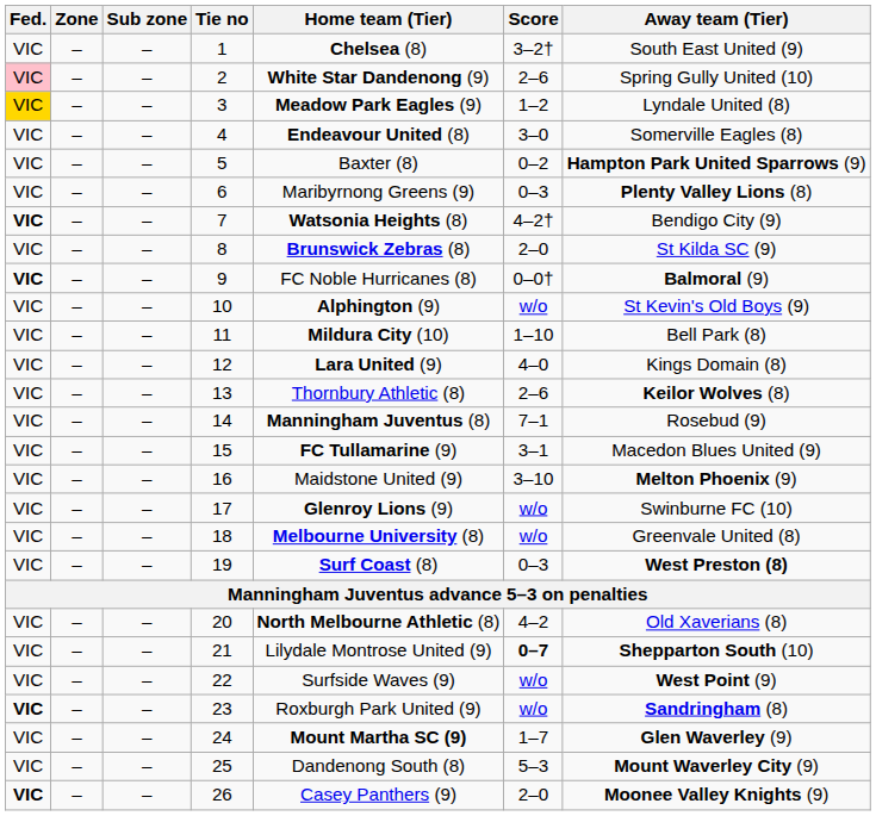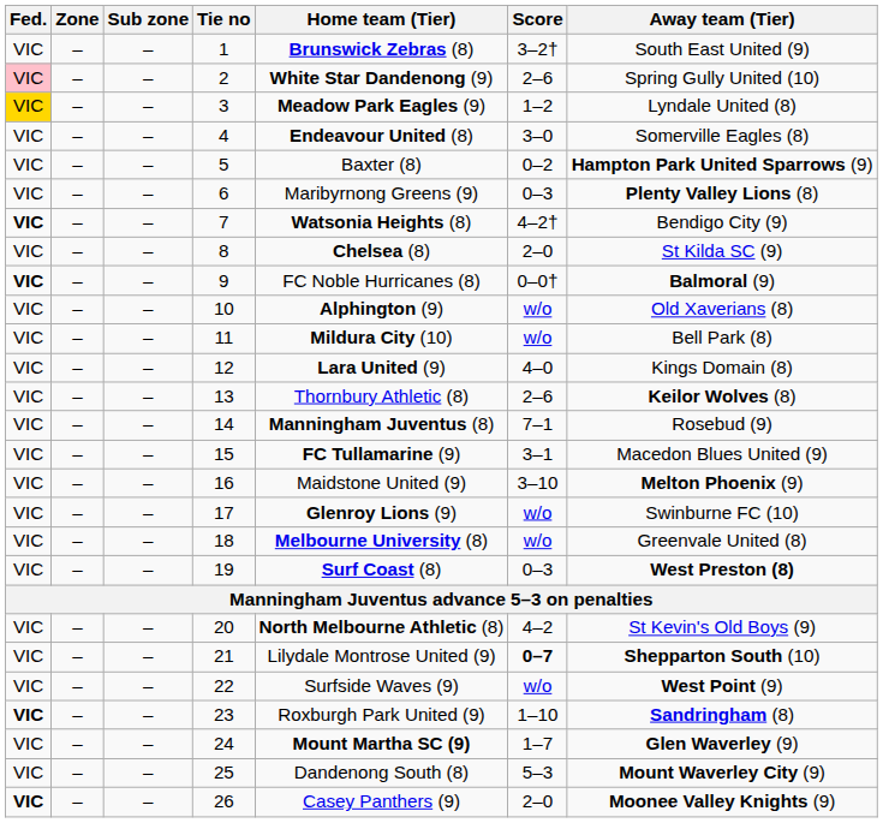 <table class="wikitable" style="text-align:center">
 <tr>
 <th>Fed.</th>
 <th>Zone</th>
 <th>Sub zone</th>
 <th>Tie no</th>
 <th>Home team (Tier)</th>
 <th>Score</th>
 <th>Away team (Tier)</th>
 </tr>
 <tr>
 <td>VIC</td>
 <td>–</td>
 <td>–</td>
 <td>1</td>
-<td><strong>Chelsea</strong> (8)</td>
+<td><strong><a href='#'>Brunswick Zebras</a></strong> (8)</td>
 <td>3–2†</td>
 <td>South East United (9)</td>
 </tr>
 <tr>
 <td style="background: pink;">VIC</td>
 <td>–</td>
 <td>–</td>
 <td>2</td>
 <td><strong>White Star Dandenong</strong> (9)</td>
 <td>2–6</td>
 <td>Spring Gully United (10)</td>
 </tr>
 <tr>
 <td style="background: gold;">VIC</td>
 <td>–</td>
 <td>–</td>
 <td>3</td>
 <td><strong>Meadow Park Eagles</strong> (9)</td>
 <td>1–2</td>
 <td>Lyndale United (8)</td>
 </tr>
 <tr>
 <td>VIC</td>
 <td>–</td>
 <td>–</td>
 <td>4</td>
 <td><strong>Endeavour United</strong> (8)</td>
 <td>3–0</td>
 <td>Somerville Eagles (8)</td>
 </tr>
 <tr>
 <td>VIC</td>
 <td>–</td>
 <td>–</td>
 <td>5</td>
 <td>Baxter (8)</td>
 <td>0–2</td>
 <td><strong>Hampton Park United Sparrows</strong> (9)</td>
 </tr>
 <tr>
 <td>VIC</td>
 <td>–</td>
 <td>–</td>
 <td>6</td>
 <td>Maribyrnong Greens (9)</td>
 <td>0–3</td>
 <td><strong>Plenty Valley Lions</strong> (8)</td>
 </tr>
 <tr>
 <td><strong>VIC</strong></td>
 <td>–</td>
 <td>–</td>
 <td>7</td>
 <td><strong>Watsonia Heights</strong> (8)</td>
 <td>4–2†</td>
 <td>Bendigo City (9)</td>
 </tr>
 <tr>
 <td>VIC</td>
 <td>–</td>
 <td>–</td>
 <td>8</td>
-<td><strong><a href='#'>Brunswick Zebras</a></strong> (8)</td>
+<td><strong>Chelsea</strong> (8)</td>
 <td>2–0</td>
 <td><a href='#'>St Kilda SC</a> (9)</td>
 </tr>
 <tr>
 <td><strong>VIC</strong></td>
 <td>–</td>
 <td>–</td>
 <td>9</td>
 <td>FC Noble Hurricanes (8)</td>
 <td>0–0†</td>
 <td><strong>Balmoral</strong> (9)</td>
 </tr>
 <tr>
 <td>VIC</td>
 <td>–</td>
 <td>–</td>
 <td>10</td>
 <td><strong>Alphington</strong> (9)</td>
 <td><a href='#'>w/o</a></td>
-<td><a href='#'>St Kevin's Old Boys</a> (9)</td>
+<td><a href='#'>Old Xaverians</a> (8)</td>
 </tr>
 <tr>
 <td>VIC</td>
 <td>–</td>
 <td>–</td>
 <td>11</td>
 <td><strong>Mildura City</strong> (10)</td>
-<td>1–10</td>
+<td><a href='#'>w/o</a></td>
 <td>Bell Park (8)</td>
 </tr>
 <tr>
 <td>VIC</td>
 <td>–</td>
 <td>–</td>
 <td>12</td>
 <td><strong>Lara United</strong> (9)</td>
 <td>4–0</td>
 <td>Kings Domain (8)</td>
 </tr>
 <tr>
 <td>VIC</td>
 <td>–</td>
 <td>–</td>
 <td>13</td>
 <td><a href='#'>Thornbury Athletic</a> (8)</td>
 <td>2–6</td>
 <td><strong>Keilor Wolves</strong> (8)</td>
 </tr>
 <tr>
 <td>VIC</td>
 <td>–</td>
 <td>–</td>
 <td>14</td>
 <td><strong>Manningham Juventus</strong> (8)</td>
 <td>7–1</td>
 <td>Rosebud (9)</td>
 </tr>
 <tr>
 <td>VIC</td>
 <td>–</td>
 <td>–</td>
 <td>15</td>
 <td><strong>FC Tullamarine</strong> (9)</td>
 <td>3–1</td>
 <td>Macedon Blues United (9)</td>
 </tr>
 <tr>
 <td>VIC</td>
 <td>–</td>
 <td>–</td>
 <td>16</td>
 <td>Maidstone United (9)</td>
 <td>3–10</td>
 <td><strong>Melton Phoenix</strong> (9)</td>
 </tr>
 <tr>
 <td>VIC</td>
 <td>–</td>
 <td>–</td>
 <td>17</td>
 <td><strong>Glenroy Lions</strong> (9)</td>
 <td><a href='#'>w/o</a></td>
 <td>Swinburne FC (10)</td>
 </tr>
 <tr>
 <td>VIC</td>
 <td>–</td>
 <td>–</td>
 <td>18</td>
 <td><strong><a href='#'>Melbourne University</a></strong> (8)</td>
 <td><a href='#'>w/o</a></td>
 <td>Greenvale United (8)</td>
 </tr>
 <tr>
 <td>VIC</td>
 <td>–</td>
 <td>–</td>
 <td>19</td>
 <td><strong><a href='#'>Surf Coast</a></strong> (8)</td>
 <td>0–3</td>
 <td><strong>West Preston (8)</strong></td>
 </tr>
 <tr>
 <th colspan=7>Manningham Juventus advance 5–3 on penalties</th>
 </tr>
 <tr>
 <td>VIC</td>
 <td>–</td>
 <td>–</td>
 <td>20</td>
 <td><strong>North Melbourne Athletic</strong> (8)</td>
 <td>4–2</td>
-<td><a href='#'>Old Xaverians</a> (8)</td>
+<td><a href='#'>St Kevin's Old Boys</a> (9)</td>
 </tr>
 <tr>
 <td>VIC</td>
 <td>–</td>
 <td>–</td>
 <td>21</td>
 <td>Lilydale Montrose United (9)</td>
 <td><strong>0–7</strong></td>
 <td><strong>Shepparton South</strong> (10)</td>
 </tr>
 <tr>
 <td>VIC</td>
 <td>–</td>
 <td>–</td>
 <td>22</td>
 <td>Surfside Waves (9)</td>
 <td><a href='#'>w/o</a></td>
 <td><strong>West Point</strong> (9)</td>
 </tr>
 <tr>
 <td><strong>VIC</strong></td>
 <td>–</td>
 <td>–</td>
 <td>23</td>
 <td>Roxburgh Park United (9)</td>
-<td><a href='#'>w/o</a></td>
+<td>1–10</td>
 <td><strong><a href='#'>Sandringham</a></strong> (8)</td>
 </tr>
 <tr>
 <td>VIC</td>
 <td>–</td>
 <td>–</td>
 <td>24</td>
 <td><strong>Mount Martha SC (9)</strong></td>
 <td>1–7</td>
 <td><strong>Glen Waverley</strong> (9)</td>
 </tr>
 <tr>
 <td>VIC</td>
 <td>–</td>
 <td>–</td>
 <td>25</td>
 <td>Dandenong South (8)</td>
 <td>5–3</td>
 <td><strong>Mount Waverley City</strong> (9)</td>
 </tr>
 <tr>
 <td><strong>VIC</strong></td>
 <td>–</td>
 <td>–</td>
 <td>26</td>
 <td><a href='#'>Casey Panthers</a> (9)</td>
 <td>2–0</td>
 <td><strong>Moonee Valley Knights</strong> (9)</td>
 </tr>
 </table>
